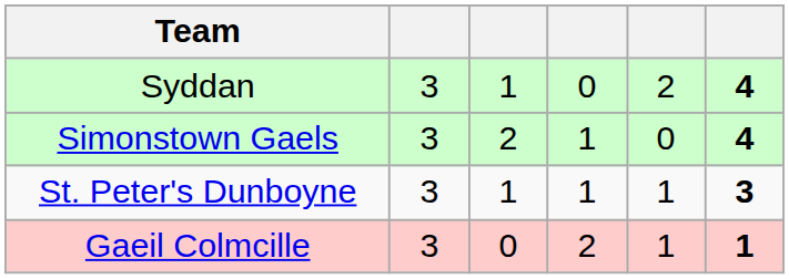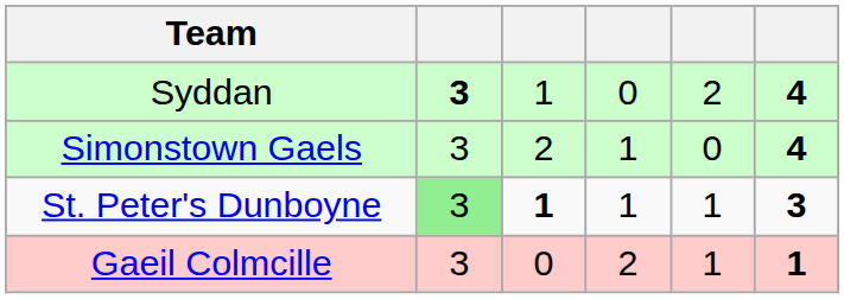 <table class="wikitable" style="text-align:center">
 <tr>
 <th width="175">Team</th>
 <th width="30"></th>
 <th width="30"></th>
 <th width="30"></th>
 <th width="30"></th>
 <th width="30"></th>
 </tr>
 <tr style="background:#cfc;">
 <td>Syddan</td>
-<td>3</td>
+<td><strong>3</strong></td>
 <td>1</td>
 <td>0</td>
 <td>2</td>
 <td><strong>4</strong></td>
 </tr>
 <tr style="background:#cfc;">
 <td><a href='#'>Simonstown Gaels</a></td>
 <td>3</td>
 <td>2</td>
 <td>1</td>
 <td>0</td>
 <td><strong>4</strong></td>
 </tr>
 <tr>
 <td><a href='#'>St. Peter's Dunboyne</a></td>
-<td>3</td>
-<td>1</td>
+<td style="background: lightgreen;">3</td>
+<td><strong>1</strong></td>
 <td>1</td>
 <td>1</td>
 <td><strong>3</strong></td>
 </tr>
 <tr style="background:#fcc;">
 <td><a href='#'>Gaeil Colmcille</a></td>
 <td>3</td>
 <td>0</td>
 <td>2</td>
 <td>1</td>
 <td><strong>1</strong></td>
 </tr>
 </table>
